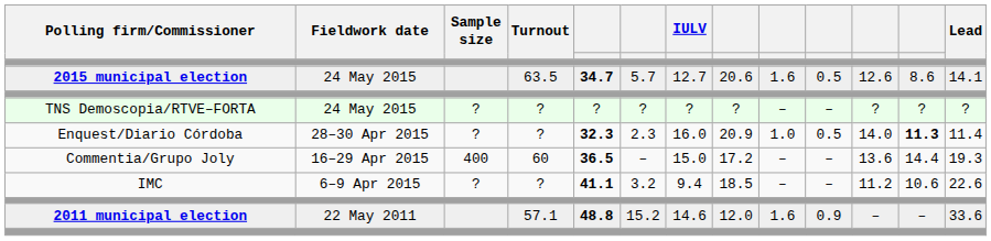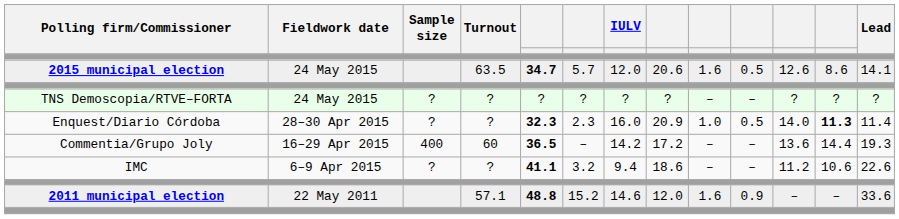 <table class="wikitable collapsible collapsed" style="text-align:center; font-size:95%; line-height:16px;">
 <tr style="height:42px;">
 <th style="width:250px;" rowspan="2">Polling firm/Commissioner</th>
 <th style="width:125px;" rowspan="2">Fieldwork date</th>
 <th style="width:50px;" rowspan="2">Sample size</th>
 <th style="width:45px;" rowspan="2">Turnout</th>
 <th style="width:35px;"></th>
 <th style="width:35px;"></th>
 <th style="width:35px;"><a href='#'>IULV</a></th>
 <th style="width:35px;"></th>
 <th style="width:35px;"></th>
 <th style="width:35px;"></th>
 <th style="width:35px;"></th>
 <th style="width:35px;"></th>
 <th style="width:30px;" rowspan="2">Lead</th>
 </tr>
 <tr>
 <th style="color:inherit;background:"></th>
 <th style="color:inherit;background:"></th>
 <th style="color:inherit;background:"></th>
 <th style="color:inherit;background:"></th>
 <th style="color:inherit;background:"></th>
 <th style="color:inherit;background:"></th>
 <th style="color:inherit;background:"></th>
 <th style="color:inherit;background:"></th>
 </tr>
 <tr>
 <td colspan="13" style="background:#A0A0A0"></td>
 </tr>
 <tr style="background:#EFEFEF;">
 <td><strong><a href='#'>2015 municipal election</a></strong></td>
 <td>24 May 2015</td>
 <td></td>
 <td>63.5</td>
 <td><strong>34.7</strong><br></td>
 <td>5.7<br></td>
-<td>12.7<br></td>
+<td>12.0<br></td>
 <td>20.6<br></td>
 <td>1.6<br></td>
 <td>0.5<br></td>
 <td>12.6<br></td>
 <td>8.6<br></td>
 <td style="background:">14.1</td>
 </tr>
 <tr>
 <td colspan="13" style="background:#A0A0A0"></td>
 </tr>
 <tr style="background:#EAFFEA;">
 <td>TNS Demoscopia/RTVE–FORTA</td>
 <td>24 May 2015</td>
 <td>?</td>
 <td>?</td>
 <td>?<br></td>
 <td>?<br></td>
 <td>?<br></td>
 <td>?<br></td>
 <td>–</td>
 <td>–</td>
 <td>?<br></td>
 <td>?<br></td>
 <td style="background:">?</td>
 </tr>
 <tr>
 <td>Enquest/Diario Córdoba</td>
 <td>28–30 Apr 2015</td>
 <td>?</td>
 <td>?</td>
 <td><strong>32.3</strong><br></td>
 <td>2.3<br></td>
 <td>16.0<br></td>
 <td>20.9<br></td>
 <td>1.0<br></td>
 <td>0.5<br></td>
 <td>14.0<br></td>
 <td><strong>11.3<br></strong></td>
 <td style="background:">11.4</td>
 </tr>
 <tr>
 <td>Commentia/Grupo Joly</td>
 <td>16–29 Apr 2015</td>
 <td>400</td>
 <td>60</td>
 <td><strong>36.5</strong><br></td>
 <td>–</td>
-<td>15.0<br></td>
+<td>14.2<br></td>
 <td>17.2<br></td>
 <td>–</td>
 <td>–</td>
 <td>13.6<br></td>
 <td>14.4<br></td>
 <td style="background:">19.3</td>
 </tr>
 <tr>
 <td>IMC</td>
 <td>6–9 Apr 2015</td>
 <td>?</td>
 <td>?</td>
 <td><strong>41.1</strong><br></td>
 <td>3.2<br></td>
 <td>9.4<br></td>
-<td>18.5<br></td>
+<td>18.6<br></td>
 <td>–</td>
 <td>–</td>
 <td>11.2<br></td>
 <td>10.6<br></td>
 <td style="background:">22.6</td>
 </tr>
 <tr>
 <td colspan="13" style="background:#A0A0A0"></td>
 </tr>
 <tr style="background:#EFEFEF;">
 <td><strong><a href='#'>2011 municipal election</a></strong></td>
 <td>22 May 2011</td>
 <td></td>
 <td>57.1</td>
 <td><strong>48.8</strong><br></td>
 <td>15.2<br></td>
 <td>14.6<br></td>
 <td>12.0<br></td>
 <td>1.6<br></td>
 <td>0.9<br></td>
 <td>–</td>
 <td>–</td>
 <td style="background:">33.6</td>
 </tr>
 <tr>
 <td colspan="13" style="background:#A0A0A0"></td>
 </tr>
 </table>
